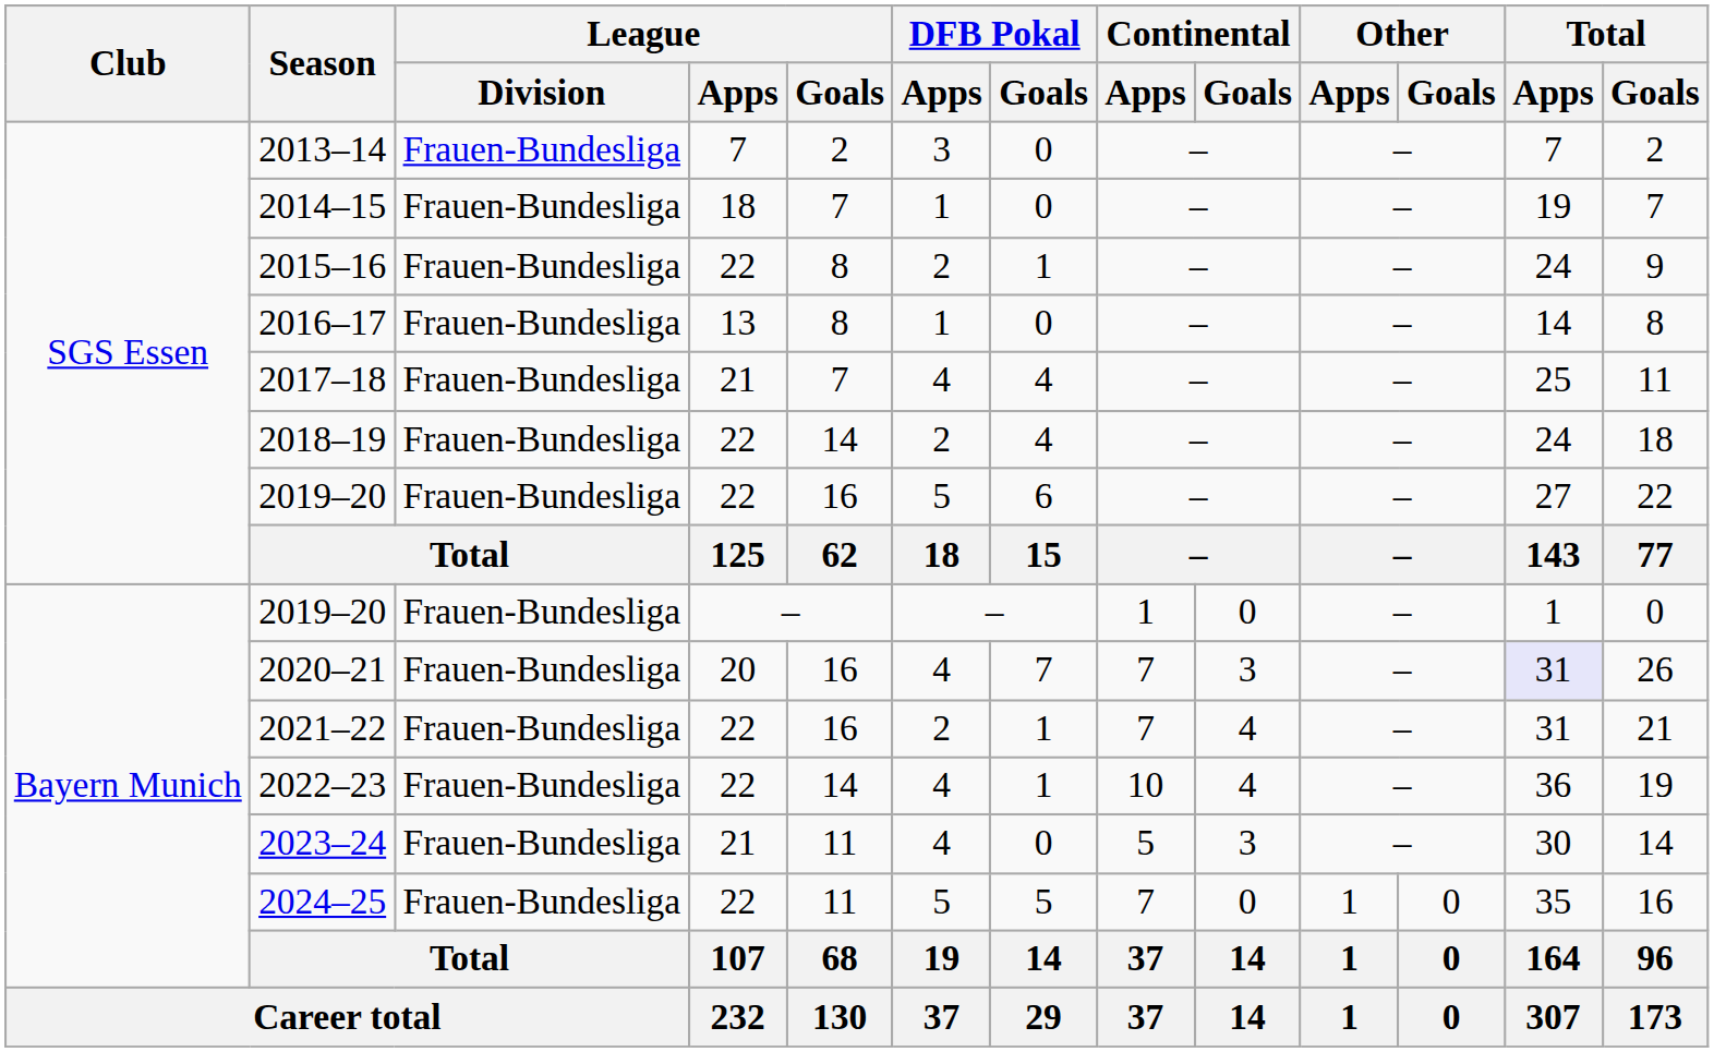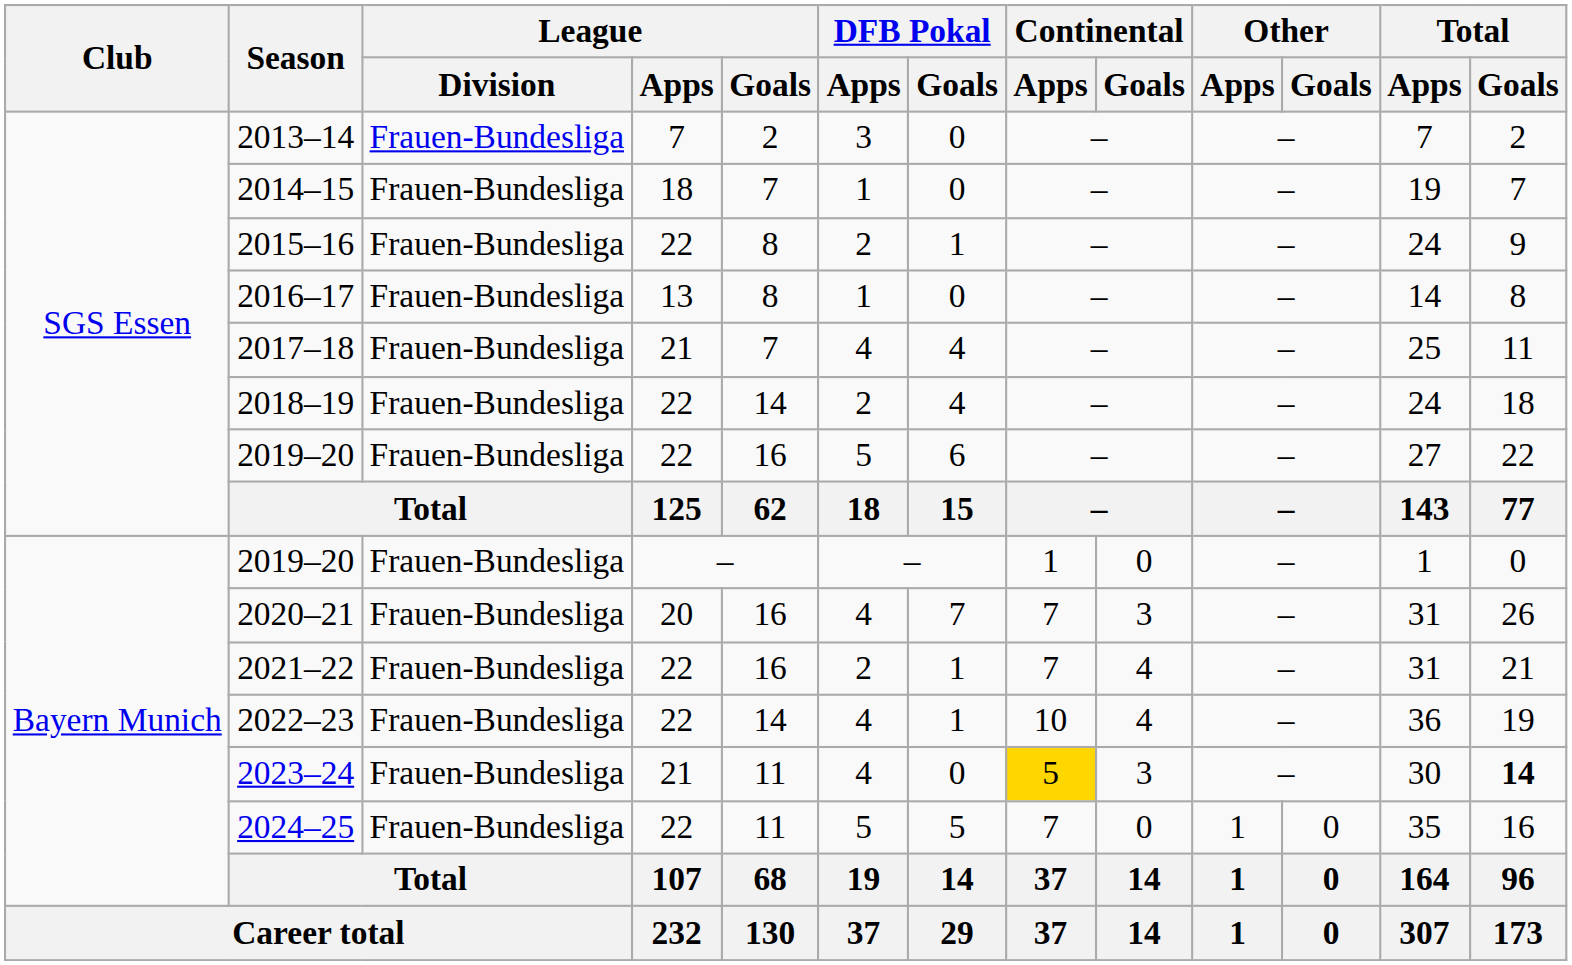 <table class="wikitable" style="text-align:center">
 <tr>
 <th rowspan="2">Club</th>
 <th rowspan="2">Season</th>
 <th colspan="3">League</th>
 <th colspan="2"><a href='#'>DFB Pokal</a></th>
 <th colspan="2">Continental</th>
 <th colspan="2">Other</th>
 <th colspan="2">Total</th>
 </tr>
 <tr>
 <th>Division</th>
 <th>Apps</th>
 <th>Goals</th>
 <th>Apps</th>
 <th>Goals</th>
 <th>Apps</th>
 <th>Goals</th>
 <th>Apps</th>
 <th>Goals</th>
 <th>Apps</th>
 <th>Goals</th>
 </tr>
 <tr>
 <td rowspan="8"><a href='#'>SGS Essen</a></td>
 <td>2013–14</td>
 <td><a href='#'>Frauen-Bundesliga</a></td>
 <td>7</td>
 <td>2</td>
 <td>3</td>
 <td>0</td>
 <td colspan="2">–</td>
 <td colspan="2">–</td>
 <td>7</td>
 <td>2</td>
 </tr>
 <tr>
 <td>2014–15</td>
 <td>Frauen-Bundesliga</td>
 <td>18</td>
 <td>7</td>
 <td>1</td>
 <td>0</td>
 <td colspan="2">–</td>
 <td colspan="2">–</td>
 <td>19</td>
 <td>7</td>
 </tr>
 <tr>
 <td>2015–16</td>
 <td>Frauen-Bundesliga</td>
 <td>22</td>
 <td>8</td>
 <td>2</td>
 <td>1</td>
 <td colspan="2">–</td>
 <td colspan="2">–</td>
 <td>24</td>
 <td>9</td>
 </tr>
 <tr>
 <td>2016–17</td>
 <td>Frauen-Bundesliga</td>
 <td>13</td>
 <td>8</td>
 <td>1</td>
 <td>0</td>
 <td colspan="2">–</td>
 <td colspan="2">–</td>
 <td>14</td>
 <td>8</td>
 </tr>
 <tr>
 <td>2017–18</td>
 <td>Frauen-Bundesliga</td>
 <td>21</td>
 <td>7</td>
 <td>4</td>
 <td>4</td>
 <td colspan="2">–</td>
 <td colspan="2">–</td>
 <td>25</td>
 <td>11</td>
 </tr>
 <tr>
 <td>2018–19</td>
 <td>Frauen-Bundesliga</td>
 <td>22</td>
 <td>14</td>
 <td>2</td>
 <td>4</td>
 <td colspan="2">–</td>
 <td colspan="2">–</td>
 <td>24</td>
 <td>18</td>
 </tr>
 <tr>
 <td>2019–20</td>
 <td>Frauen-Bundesliga</td>
 <td>22</td>
 <td>16</td>
 <td>5</td>
 <td>6</td>
 <td colspan="2">–</td>
 <td colspan="2">–</td>
 <td>27</td>
 <td>22</td>
 </tr>
 <tr>
 <th colspan="2">Total</th>
 <th>125</th>
 <th>62</th>
 <th>18</th>
 <th>15</th>
 <th colspan="2">–</th>
 <th colspan="2">–</th>
 <th>143</th>
 <th>77</th>
 </tr>
 <tr>
 <td rowspan="7"><a href='#'>Bayern Munich</a></td>
 <td>2019–20</td>
 <td>Frauen-Bundesliga</td>
 <td colspan="2">–</td>
 <td colspan="2">–</td>
 <td>1</td>
 <td>0</td>
 <td colspan="2">–</td>
 <td>1</td>
 <td>0</td>
 </tr>
 <tr>
 <td>2020–21</td>
 <td>Frauen-Bundesliga</td>
 <td>20</td>
 <td>16</td>
 <td>4</td>
 <td>7</td>
 <td>7</td>
 <td>3</td>
 <td colspan="2">–</td>
-<td style="background: lavender;">31</td>
+<td>31</td>
 <td>26</td>
 </tr>
 <tr>
 <td>2021–22</td>
 <td>Frauen-Bundesliga</td>
 <td>22</td>
 <td>16</td>
 <td>2</td>
 <td>1</td>
 <td>7</td>
 <td>4</td>
 <td colspan="2">–</td>
 <td>31</td>
 <td>21</td>
 </tr>
 <tr>
 <td>2022–23</td>
 <td>Frauen-Bundesliga</td>
 <td>22</td>
 <td>14</td>
 <td>4</td>
 <td>1</td>
 <td>10</td>
 <td>4</td>
 <td colspan="2">–</td>
 <td>36</td>
 <td>19</td>
 </tr>
 <tr>
 <td><a href='#'>2023–24</a></td>
 <td>Frauen-Bundesliga</td>
 <td>21</td>
 <td>11</td>
 <td>4</td>
 <td>0</td>
-<td>5</td>
+<td style="background: gold;">5</td>
 <td>3</td>
 <td colspan="2">–</td>
 <td>30</td>
-<td>14</td>
+<td><strong>14</strong></td>
 </tr>
 <tr>
 <td><a href='#'>2024–25</a></td>
 <td>Frauen-Bundesliga</td>
 <td>22</td>
 <td>11</td>
 <td>5</td>
 <td>5</td>
 <td>7</td>
 <td>0</td>
 <td>1</td>
 <td>0</td>
 <td>35</td>
 <td>16</td>
 </tr>
 <tr>
 <th colspan="2">Total</th>
 <th>107</th>
 <th>68</th>
 <th>19</th>
 <th>14</th>
 <th>37</th>
 <th>14</th>
 <th>1</th>
 <th>0</th>
 <th>164</th>
 <th>96</th>
 </tr>
 <tr>
 <th colspan="3">Career total</th>
 <th>232</th>
 <th>130</th>
 <th>37</th>
 <th>29</th>
 <th>37</th>
 <th>14</th>
 <th>1</th>
 <th>0</th>
 <th>307</th>
 <th>173</th>
 </tr>
 </table>
